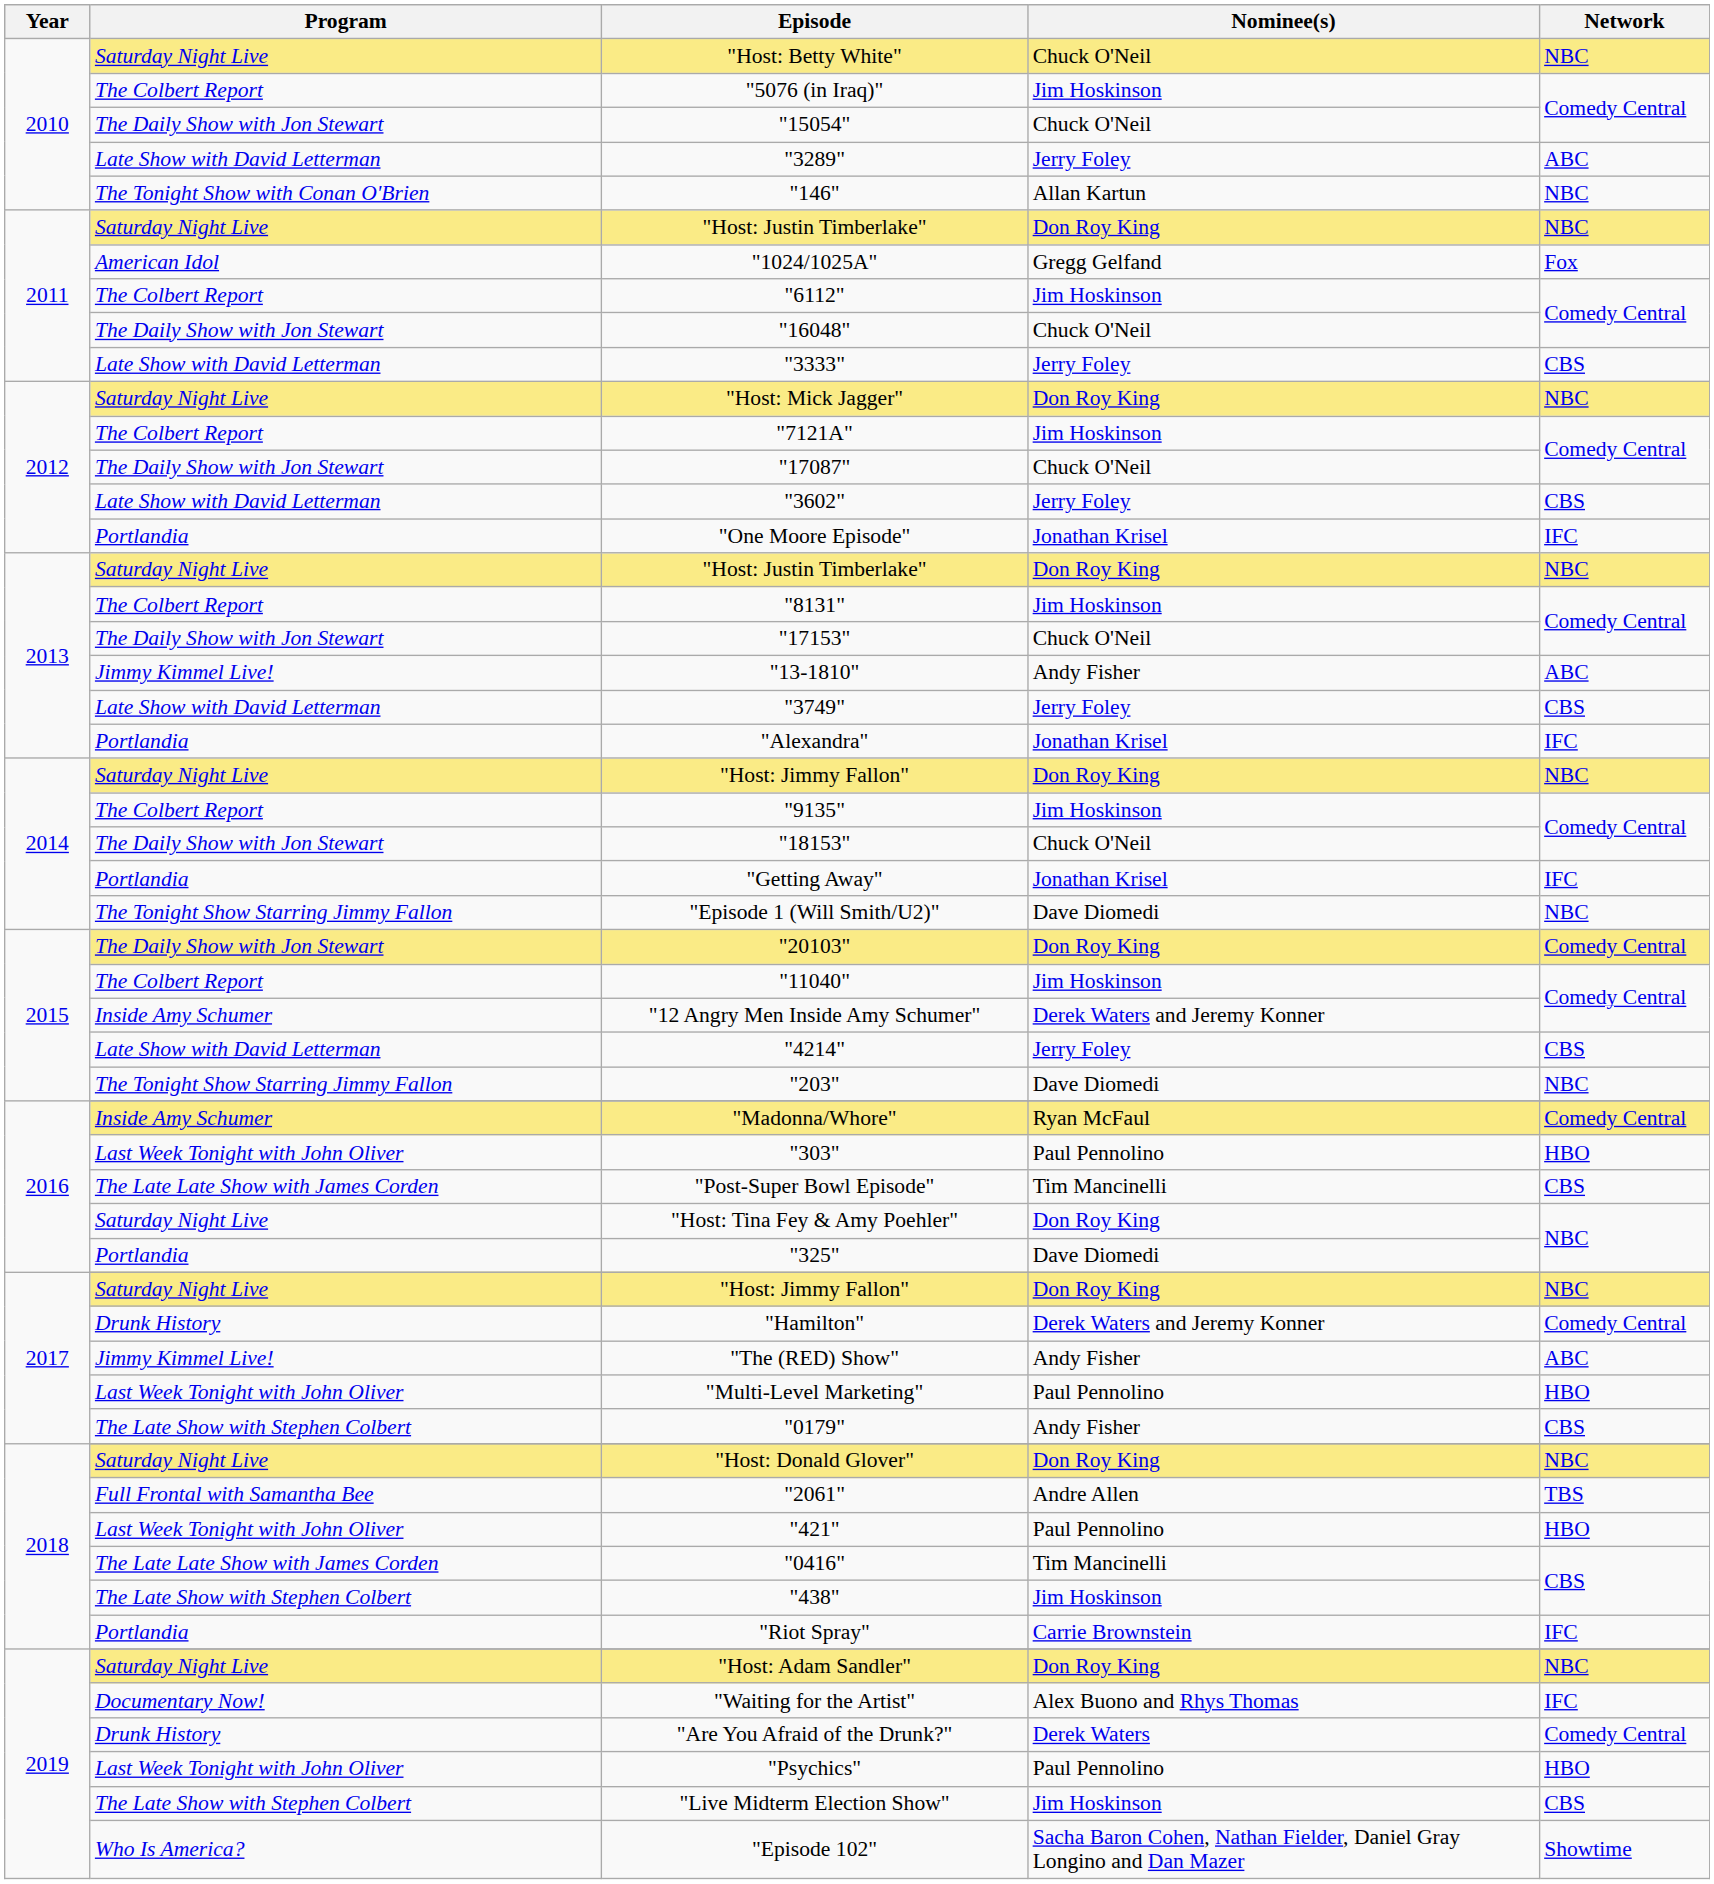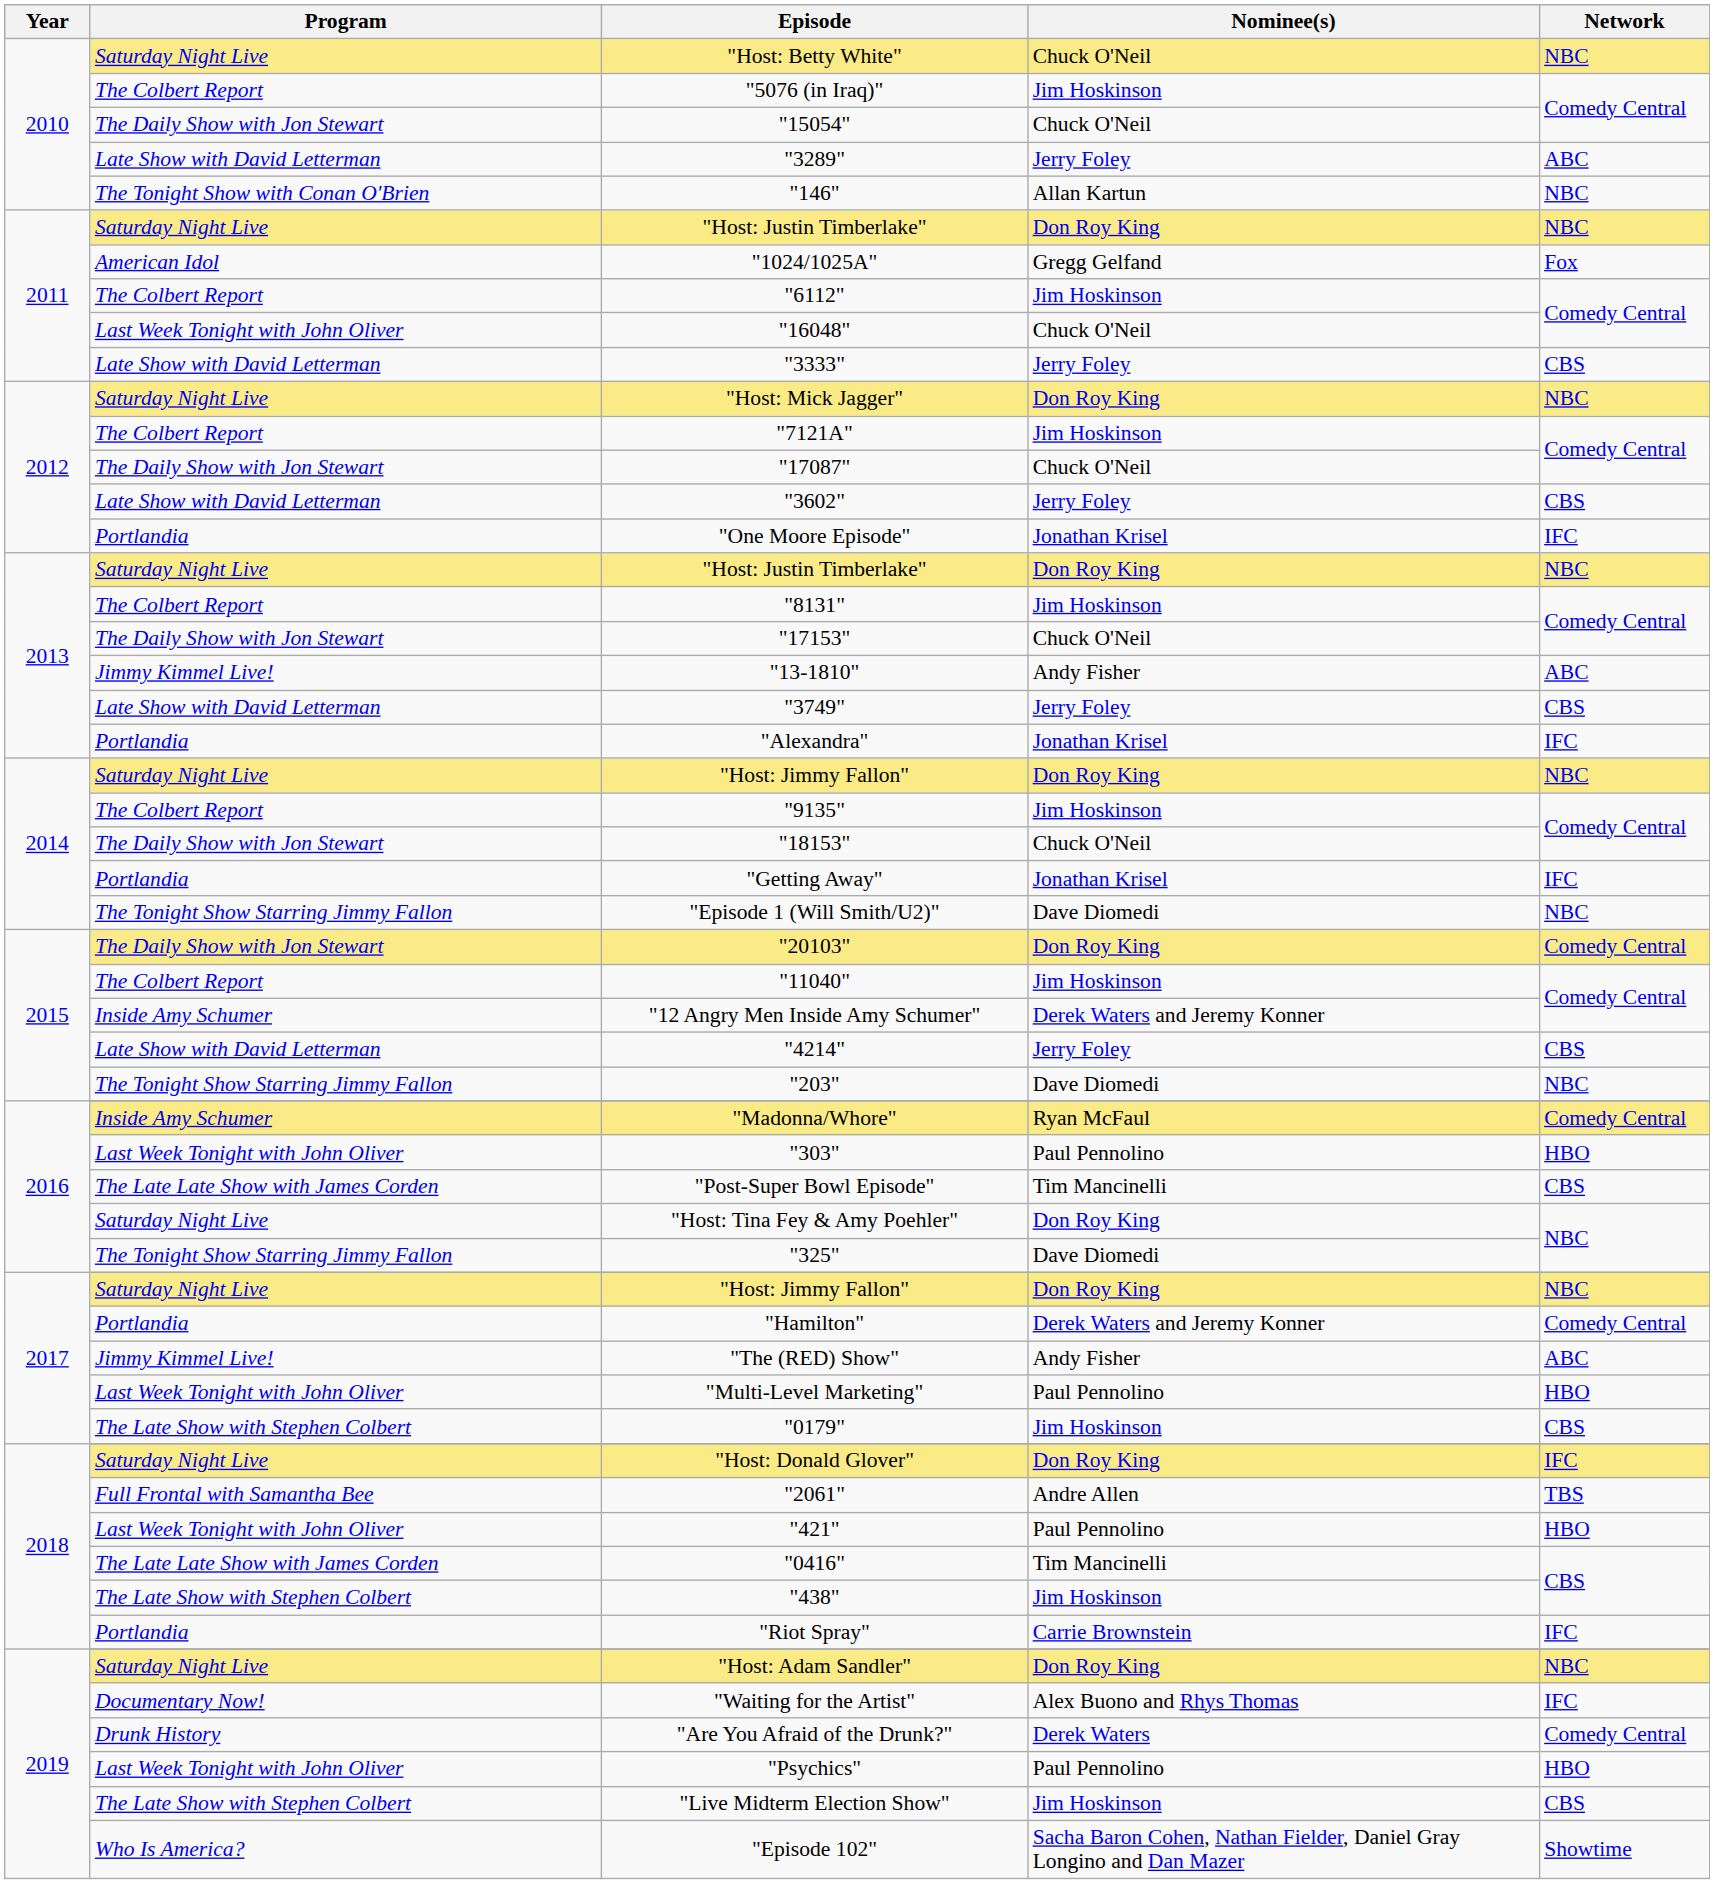 <table class="wikitable" style="width:100%">
 <tr bgcolor="#bebebe">
 <th width="5%">Year</th>
 <th width="30%">Program</th>
 <th width="25%">Episode</th>
 <th width="30%">Nominee(s)</th>
 <th width="10%">Network</th>
 </tr>
 <tr>
 <td rowspan="5" style="text-align:center;"><a href='#'>2010</a><br></td>
 <td style="background:#FAEB86;"><em><a href='#'>Saturday Night Live</a></em></td>
 <td style="background:#FAEB86;" align=center>"Host: Betty White"</td>
 <td style="background:#FAEB86;">Chuck O'Neil</td>
 <td style="background:#FAEB86;"><a href='#'>NBC</a></td>
 </tr>
 <tr>
 <td><em><a href='#'>The Colbert Report</a></em></td>
 <td align=center>"5076 (in Iraq)"</td>
 <td><a href='#'>Jim Hoskinson</a></td>
 <td rowspan=2><a href='#'>Comedy Central</a></td>
 </tr>
 <tr>
 <td><em><a href='#'>The Daily Show with Jon Stewart</a></em></td>
 <td align=center>"15054"</td>
 <td>Chuck O'Neil</td>
 </tr>
 <tr>
 <td><em><a href='#'>Late Show with David Letterman</a></em></td>
 <td align=center>"3289"</td>
 <td><a href='#'>Jerry Foley</a></td>
 <td><a href='#'>ABC</a></td>
 </tr>
 <tr>
 <td><em><a href='#'>The Tonight Show with Conan O'Brien</a></em></td>
 <td align=center>"146"</td>
 <td>Allan Kartun</td>
 <td><a href='#'>NBC</a></td>
 </tr>
 <tr>
 <td rowspan="5" style="text-align:center;"><a href='#'>2011</a><br></td>
 <td style="background:#FAEB86;"><em><a href='#'>Saturday Night Live</a></em></td>
 <td style="background:#FAEB86;" align=center>"Host: Justin Timberlake"</td>
 <td style="background:#FAEB86;"><a href='#'>Don Roy King</a></td>
 <td style="background:#FAEB86;"><a href='#'>NBC</a></td>
 </tr>
 <tr>
 <td><em><a href='#'>American Idol</a></em></td>
 <td align=center>"1024/1025A"</td>
 <td>Gregg Gelfand</td>
 <td><a href='#'>Fox</a></td>
 </tr>
 <tr>
 <td><em><a href='#'>The Colbert Report</a></em></td>
 <td align=center>"6112"</td>
 <td><a href='#'>Jim Hoskinson</a></td>
 <td rowspan=2><a href='#'>Comedy Central</a></td>
 </tr>
 <tr>
-<td><em><a href='#'>The Daily Show with Jon Stewart</a></em></td>
+<td><em><a href='#'>Last Week Tonight with John Oliver</a></em></td>
 <td align=center>"16048"</td>
 <td>Chuck O'Neil</td>
 </tr>
 <tr>
 <td><em><a href='#'>Late Show with David Letterman</a></em></td>
 <td align=center>"3333"</td>
 <td><a href='#'>Jerry Foley</a></td>
 <td><a href='#'>CBS</a></td>
 </tr>
 <tr>
 <td rowspan="5" style="text-align:center;"><a href='#'>2012</a><br></td>
 <td style="background:#FAEB86;"><em><a href='#'>Saturday Night Live</a></em></td>
 <td style="background:#FAEB86;" align=center>"Host: Mick Jagger"</td>
 <td style="background:#FAEB86;"><a href='#'>Don Roy King</a></td>
 <td style="background:#FAEB86;"><a href='#'>NBC</a></td>
 </tr>
 <tr>
 <td><em><a href='#'>The Colbert Report</a></em></td>
 <td align=center>"7121A"</td>
 <td><a href='#'>Jim Hoskinson</a></td>
 <td rowspan=2><a href='#'>Comedy Central</a></td>
 </tr>
 <tr>
 <td><em><a href='#'>The Daily Show with Jon Stewart</a></em></td>
 <td align=center>"17087"</td>
 <td>Chuck O'Neil</td>
 </tr>
 <tr>
 <td><em><a href='#'>Late Show with David Letterman</a></em></td>
 <td align=center>"3602"</td>
 <td><a href='#'>Jerry Foley</a></td>
 <td><a href='#'>CBS</a></td>
 </tr>
 <tr>
 <td><em><a href='#'>Portlandia</a></em></td>
 <td align=center>"One Moore Episode"</td>
 <td><a href='#'>Jonathan Krisel</a></td>
 <td><a href='#'>IFC</a></td>
 </tr>
 <tr>
 <td rowspan="6" style="text-align:center;"><a href='#'>2013</a><br></td>
 <td style="background:#FAEB86;"><em><a href='#'>Saturday Night Live</a></em></td>
 <td style="background:#FAEB86;" align=center>"Host: Justin Timberlake"</td>
 <td style="background:#FAEB86;"><a href='#'>Don Roy King</a></td>
 <td style="background:#FAEB86;"><a href='#'>NBC</a></td>
 </tr>
 <tr>
 <td><em><a href='#'>The Colbert Report</a></em></td>
 <td align=center>"8131"</td>
 <td><a href='#'>Jim Hoskinson</a></td>
 <td rowspan=2><a href='#'>Comedy Central</a></td>
 </tr>
 <tr>
 <td><em><a href='#'>The Daily Show with Jon Stewart</a></em></td>
 <td align=center>"17153"</td>
 <td>Chuck O'Neil</td>
 </tr>
 <tr>
 <td><em><a href='#'>Jimmy Kimmel Live!</a></em></td>
 <td align=center>"13-1810"</td>
 <td>Andy Fisher</td>
 <td><a href='#'>ABC</a></td>
 </tr>
 <tr>
 <td><em><a href='#'>Late Show with David Letterman</a></em></td>
 <td align=center>"3749"</td>
 <td><a href='#'>Jerry Foley</a></td>
 <td><a href='#'>CBS</a></td>
 </tr>
 <tr>
 <td><em><a href='#'>Portlandia</a></em></td>
 <td align=center>"Alexandra"</td>
 <td><a href='#'>Jonathan Krisel</a></td>
 <td><a href='#'>IFC</a></td>
 </tr>
 <tr>
 <td rowspan="5" style="text-align:center;"><a href='#'>2014</a><br></td>
 <td style="background:#FAEB86;"><em><a href='#'>Saturday Night Live</a></em></td>
 <td style="background:#FAEB86;" align=center>"Host: Jimmy Fallon"</td>
 <td style="background:#FAEB86;"><a href='#'>Don Roy King</a></td>
 <td style="background:#FAEB86;"><a href='#'>NBC</a></td>
 </tr>
 <tr>
 <td><em><a href='#'>The Colbert Report</a></em></td>
 <td align=center>"9135"</td>
 <td><a href='#'>Jim Hoskinson</a></td>
 <td rowspan=2><a href='#'>Comedy Central</a></td>
 </tr>
 <tr>
 <td><em><a href='#'>The Daily Show with Jon Stewart</a></em></td>
 <td align=center>"18153"</td>
 <td>Chuck O'Neil</td>
 </tr>
 <tr>
 <td><em><a href='#'>Portlandia</a></em></td>
 <td align=center>"Getting Away"</td>
 <td><a href='#'>Jonathan Krisel</a></td>
 <td><a href='#'>IFC</a></td>
 </tr>
 <tr>
 <td><em><a href='#'>The Tonight Show Starring Jimmy Fallon</a></em></td>
 <td align=center>"Episode 1 (Will Smith/U2)"</td>
 <td>Dave Diomedi</td>
 <td><a href='#'>NBC</a></td>
 </tr>
 <tr>
 <td rowspan="5" style="text-align:center;"><a href='#'>2015</a><br></td>
 <td style="background:#FAEB86;"><em><a href='#'>The Daily Show with Jon Stewart</a></em></td>
 <td style="background:#FAEB86;" align=center>"20103"</td>
 <td style="background:#FAEB86;"><a href='#'>Don Roy King</a></td>
 <td style="background:#FAEB86;"><a href='#'>Comedy Central</a></td>
 </tr>
 <tr>
 <td><em><a href='#'>The Colbert Report</a></em></td>
 <td align=center>"11040"</td>
 <td><a href='#'>Jim Hoskinson</a></td>
 <td rowspan=2><a href='#'>Comedy Central</a></td>
 </tr>
 <tr>
 <td><em><a href='#'>Inside Amy Schumer</a></em></td>
 <td align=center>"12 Angry Men Inside Amy Schumer"</td>
 <td><a href='#'>Derek Waters</a> and Jeremy Konner</td>
 </tr>
 <tr>
 <td><em><a href='#'>Late Show with David Letterman</a></em></td>
 <td align=center>"4214"</td>
 <td><a href='#'>Jerry Foley</a></td>
 <td><a href='#'>CBS</a></td>
 </tr>
 <tr>
 <td><em><a href='#'>The Tonight Show Starring Jimmy Fallon</a></em></td>
 <td align=center>"203"</td>
 <td>Dave Diomedi</td>
 <td><a href='#'>NBC</a></td>
 </tr>
 <tr>
 <td rowspan="6" style="text-align:center;"><a href='#'>2016</a><br></td>
 </tr>
 <tr>
 <td style="background:#FAEB86;"><em><a href='#'>Inside Amy Schumer</a></em></td>
 <td style="background:#FAEB86;" align=center>"Madonna/Whore"</td>
 <td style="background:#FAEB86;">Ryan McFaul</td>
 <td style="background:#FAEB86;"><a href='#'>Comedy Central</a></td>
 </tr>
 <tr>
 <td><em><a href='#'>Last Week Tonight with John Oliver</a></em></td>
 <td align=center>"303"</td>
 <td>Paul Pennolino</td>
 <td><a href='#'>HBO</a></td>
 </tr>
 <tr>
 <td><em><a href='#'>The Late Late Show with James Corden</a></em></td>
 <td align=center>"Post-Super Bowl Episode"</td>
 <td>Tim Mancinelli</td>
 <td><a href='#'>CBS</a></td>
 </tr>
 <tr>
 <td><em><a href='#'>Saturday Night Live</a></em></td>
 <td align=center>"Host: Tina Fey & Amy Poehler"</td>
 <td><a href='#'>Don Roy King</a></td>
 <td rowspan=2><a href='#'>NBC</a></td>
 </tr>
 <tr>
-<td><em><a href='#'>Portlandia</a></em></td>
+<td><em><a href='#'>The Tonight Show Starring Jimmy Fallon</a></em></td>
 <td align=center>"325"</td>
 <td>Dave Diomedi</td>
 </tr>
 <tr>
 <td rowspan="6" style="text-align:center;"><a href='#'>2017</a><br></td>
 </tr>
 <tr style="background:#FAEB86;">
 <td><em><a href='#'>Saturday Night Live</a></em></td>
 <td align=center>"Host: Jimmy Fallon"</td>
 <td><a href='#'>Don Roy King</a></td>
 <td><a href='#'>NBC</a></td>
 </tr>
 <tr>
-<td><em><a href='#'>Drunk History</a></em></td>
+<td><em><a href='#'>Portlandia</a></em></td>
 <td align=center>"Hamilton"</td>
 <td><a href='#'>Derek Waters</a> and Jeremy Konner</td>
 <td><a href='#'>Comedy Central</a></td>
 </tr>
 <tr>
 <td><em><a href='#'>Jimmy Kimmel Live!</a></em></td>
 <td align=center>"The (RED) Show"</td>
 <td>Andy Fisher</td>
 <td><a href='#'>ABC</a></td>
 </tr>
 <tr>
 <td><em><a href='#'>Last Week Tonight with John Oliver</a></em></td>
 <td align=center>"Multi-Level Marketing"</td>
 <td>Paul Pennolino</td>
 <td><a href='#'>HBO</a></td>
 </tr>
 <tr>
 <td><em><a href='#'>The Late Show with Stephen Colbert</a></em></td>
 <td align=center>"0179"</td>
-<td>Andy Fisher</td>
+<td><a href='#'>Jim Hoskinson</a></td>
 <td><a href='#'>CBS</a></td>
 </tr>
 <tr>
 <td rowspan="7" style="text-align:center;"><a href='#'>2018</a><br></td>
 </tr>
 <tr style="background:#FAEB86;">
 <td><em><a href='#'>Saturday Night Live</a></em></td>
 <td align=center>"Host: Donald Glover"</td>
 <td><a href='#'>Don Roy King</a></td>
-<td><a href='#'>NBC</a></td>
+<td><a href='#'>IFC</a></td>
 </tr>
 <tr>
 <td><em><a href='#'>Full Frontal with Samantha Bee</a></em></td>
 <td align=center>"2061"</td>
 <td>Andre Allen</td>
 <td><a href='#'>TBS</a></td>
 </tr>
 <tr>
 <td><em><a href='#'>Last Week Tonight with John Oliver</a></em></td>
 <td align=center>"421"</td>
 <td>Paul Pennolino</td>
 <td><a href='#'>HBO</a></td>
 </tr>
 <tr>
 <td><em><a href='#'>The Late Late Show with James Corden</a></em></td>
 <td align=center>"0416"</td>
 <td>Tim Mancinelli</td>
 <td rowspan="2"><a href='#'>CBS</a></td>
 </tr>
 <tr>
 <td><em><a href='#'>The Late Show with Stephen Colbert</a></em></td>
 <td align=center>"438"</td>
 <td><a href='#'>Jim Hoskinson</a></td>
 </tr>
 <tr>
 <td><em><a href='#'>Portlandia</a></em></td>
 <td align=center>"Riot Spray"</td>
 <td><a href='#'>Carrie Brownstein</a></td>
 <td><a href='#'>IFC</a></td>
 </tr>
 <tr>
 <td rowspan="7" style="text-align:center;"><a href='#'>2019</a><br></td>
 </tr>
 <tr style="background:#FAEB86;">
 <td><em><a href='#'>Saturday Night Live</a></em></td>
 <td align=center>"Host: Adam Sandler"</td>
 <td><a href='#'>Don Roy King</a></td>
 <td><a href='#'>NBC</a></td>
 </tr>
 <tr>
 <td><em><a href='#'>Documentary Now!</a></em></td>
 <td align=center>"Waiting for the Artist"</td>
 <td>Alex Buono and <a href='#'>Rhys Thomas</a></td>
 <td><a href='#'>IFC</a></td>
 </tr>
 <tr>
 <td><em><a href='#'>Drunk History</a></em></td>
 <td align=center>"Are You Afraid of the Drunk?"</td>
 <td><a href='#'>Derek Waters</a></td>
 <td><a href='#'>Comedy Central</a></td>
 </tr>
 <tr>
 <td><em><a href='#'>Last Week Tonight with John Oliver</a></em></td>
 <td align=center>"Psychics"</td>
 <td>Paul Pennolino</td>
 <td><a href='#'>HBO</a></td>
 </tr>
 <tr>
 <td><em><a href='#'>The Late Show with Stephen Colbert</a></em></td>
 <td align=center>"Live Midterm Election Show"</td>
 <td><a href='#'>Jim Hoskinson</a></td>
 <td><a href='#'>CBS</a></td>
 </tr>
 <tr>
 <td><em><a href='#'>Who Is America?</a></em></td>
 <td align=center>"Episode 102"</td>
 <td><a href='#'>Sacha Baron Cohen</a>, <a href='#'>Nathan Fielder</a>, Daniel Gray Longino and <a href='#'>Dan Mazer</a></td>
 <td><a href='#'>Showtime</a></td>
 </tr>
 </table>
